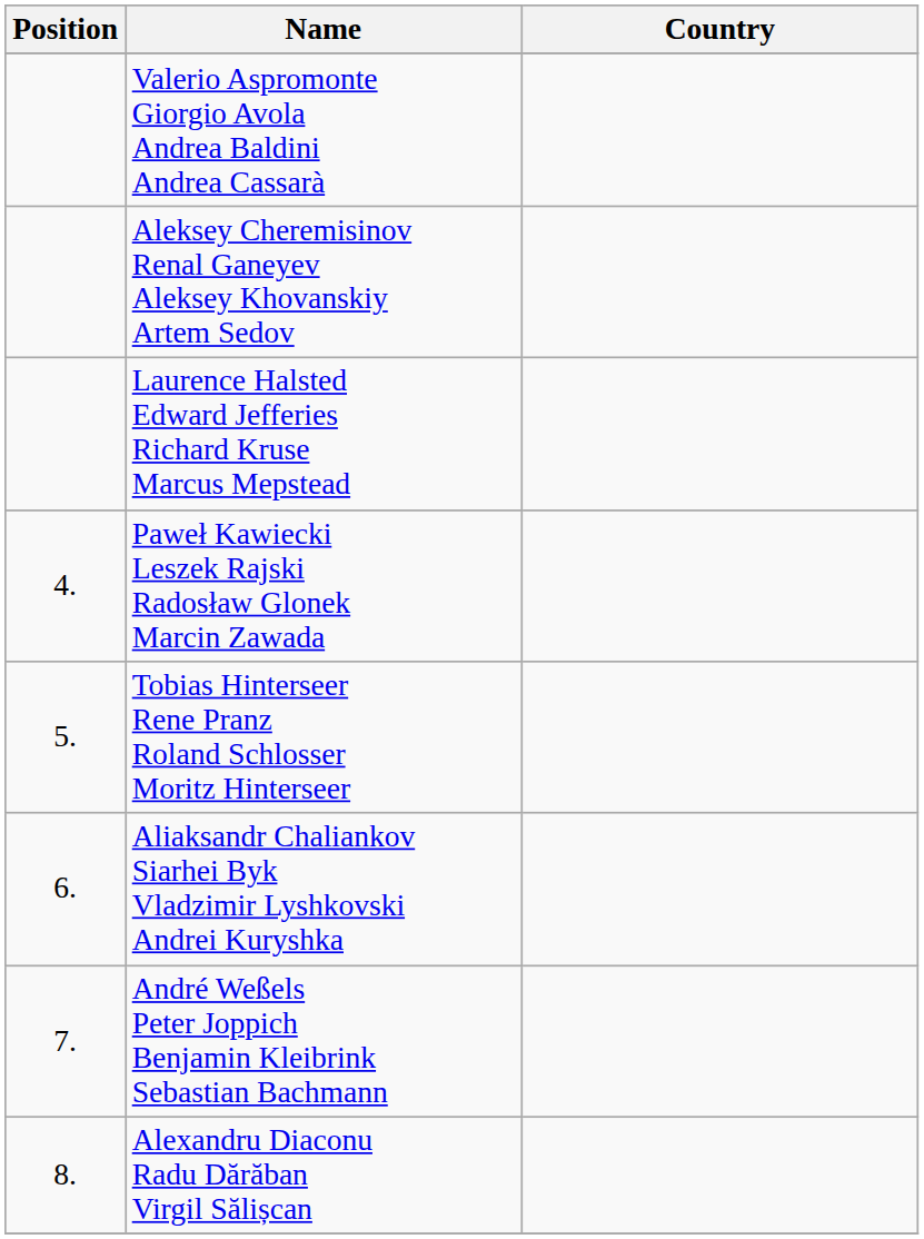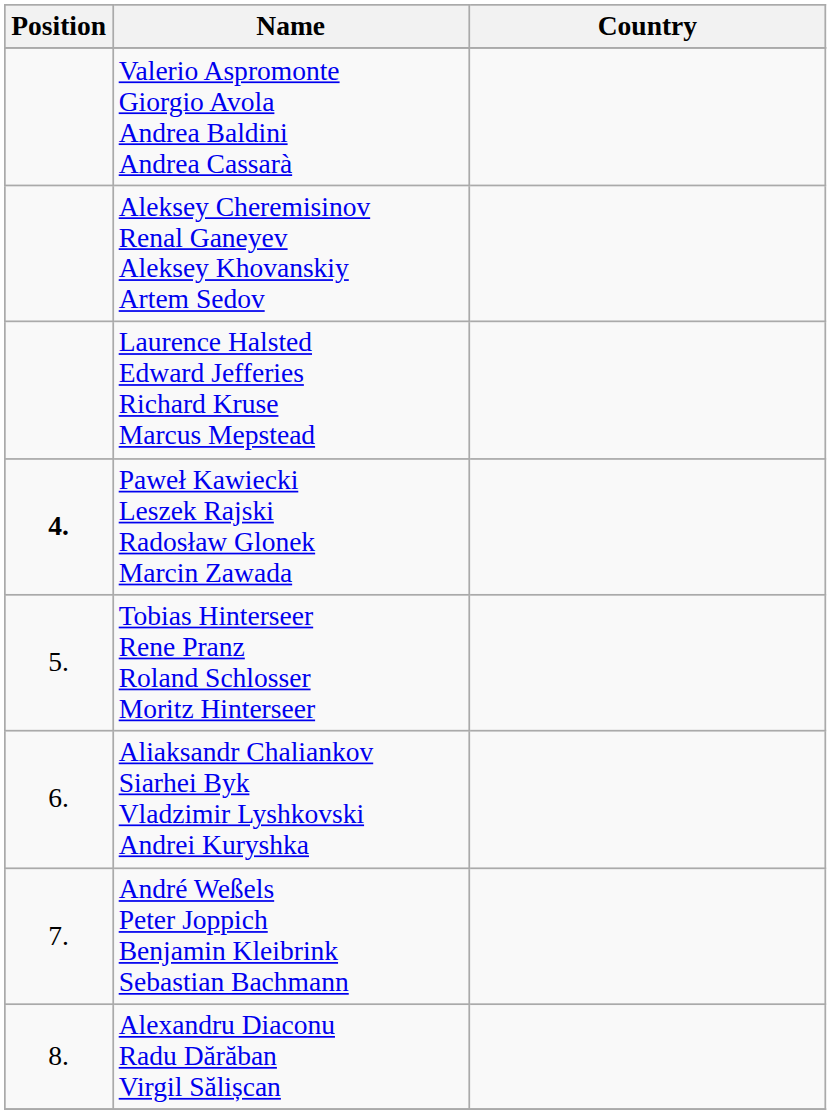 <table class="wikitable">
 <tr>
 <th width="20">Position</th>
 <th width="200">Name</th>
 <th width="200">Country</th>
 </tr>
 <tr>
 </tr>
 <tr>
 <td align="center"></td>
 <td><a href='#'>Valerio Aspromonte</a><br><a href='#'>Giorgio Avola</a><br><a href='#'>Andrea Baldini</a><br><a href='#'>Andrea Cassarà</a></td>
 <td></td>
 </tr>
 <tr>
 <td align="center"></td>
 <td><a href='#'>Aleksey Cheremisinov</a><br><a href='#'>Renal Ganeyev</a><br><a href='#'>Aleksey Khovanskiy</a><br><a href='#'>Artem Sedov</a></td>
 <td></td>
 </tr>
 <tr>
 <td align="center"></td>
 <td><a href='#'>Laurence Halsted</a><br><a href='#'>Edward Jefferies</a><br><a href='#'>Richard Kruse</a><br><a href='#'>Marcus Mepstead</a></td>
 <td></td>
 </tr>
 <tr>
-<td align="center">4.</td>
+<td align="center"><strong>4.</strong></td>
 <td><a href='#'>Paweł Kawiecki</a><br><a href='#'>Leszek Rajski</a><br><a href='#'>Radosław Glonek</a><br><a href='#'>Marcin Zawada</a></td>
 <td></td>
 </tr>
 <tr>
 <td align="center">5.</td>
 <td><a href='#'>Tobias Hinterseer</a><br><a href='#'>Rene Pranz</a><br><a href='#'>Roland Schlosser</a><br><a href='#'>Moritz Hinterseer</a></td>
 <td></td>
 </tr>
 <tr>
 <td align="center">6.</td>
 <td><a href='#'>Aliaksandr Chaliankov</a><br><a href='#'>Siarhei Byk</a><br><a href='#'>Vladzimir Lyshkovski</a><br><a href='#'>Andrei Kuryshka</a></td>
 <td></td>
 </tr>
 <tr>
 <td align="center">7.</td>
 <td><a href='#'>André Weßels</a><br><a href='#'>Peter Joppich</a><br><a href='#'>Benjamin Kleibrink</a><br><a href='#'>Sebastian Bachmann</a></td>
 <td></td>
 </tr>
 <tr>
 <td align="center">8.</td>
 <td><a href='#'>Alexandru Diaconu</a><br><a href='#'>Radu Dărăban</a><br><a href='#'>Virgil Sălișcan</a></td>
 <td></td>
 </tr>
 <tr>
 </tr>
 </table>
